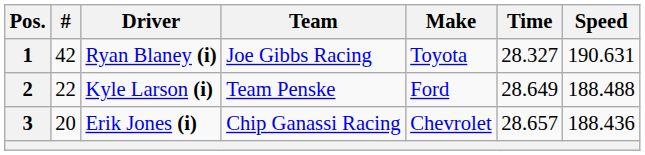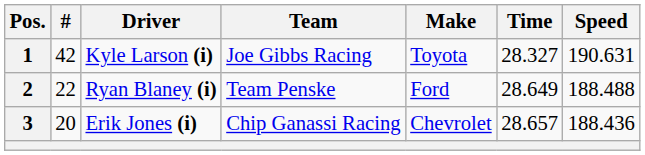 <table class="wikitable" style="font-size:95%">
 <tr>
 <th>Pos.</th>
 <th>#</th>
 <th>Driver</th>
 <th>Team</th>
 <th>Make</th>
 <th>Time</th>
 <th>Speed</th>
 </tr>
 <tr>
 <th>1</th>
 <td>42</td>
-<td><a href='#'>Ryan Blaney</a> <strong>(i)</strong></td>
+<td><a href='#'>Kyle Larson</a> <strong>(i)</strong></td>
 <td><a href='#'>Joe Gibbs Racing</a></td>
 <td><a href='#'>Toyota</a></td>
 <td>28.327</td>
 <td>190.631</td>
 </tr>
 <tr>
 <th>2</th>
 <td>22</td>
-<td><a href='#'>Kyle Larson</a> <strong>(i)</strong></td>
+<td><a href='#'>Ryan Blaney</a> <strong>(i)</strong></td>
 <td><a href='#'>Team Penske</a></td>
 <td><a href='#'>Ford</a></td>
 <td>28.649</td>
 <td>188.488</td>
 </tr>
 <tr>
 <th>3</th>
 <td>20</td>
 <td><a href='#'>Erik Jones</a> <strong>(i)</strong></td>
 <td><a href='#'>Chip Ganassi Racing</a></td>
 <td><a href='#'>Chevrolet</a></td>
 <td>28.657</td>
 <td>188.436</td>
 </tr>
 <tr>
 <th colspan="7"></th>
 </tr>
 </table>
